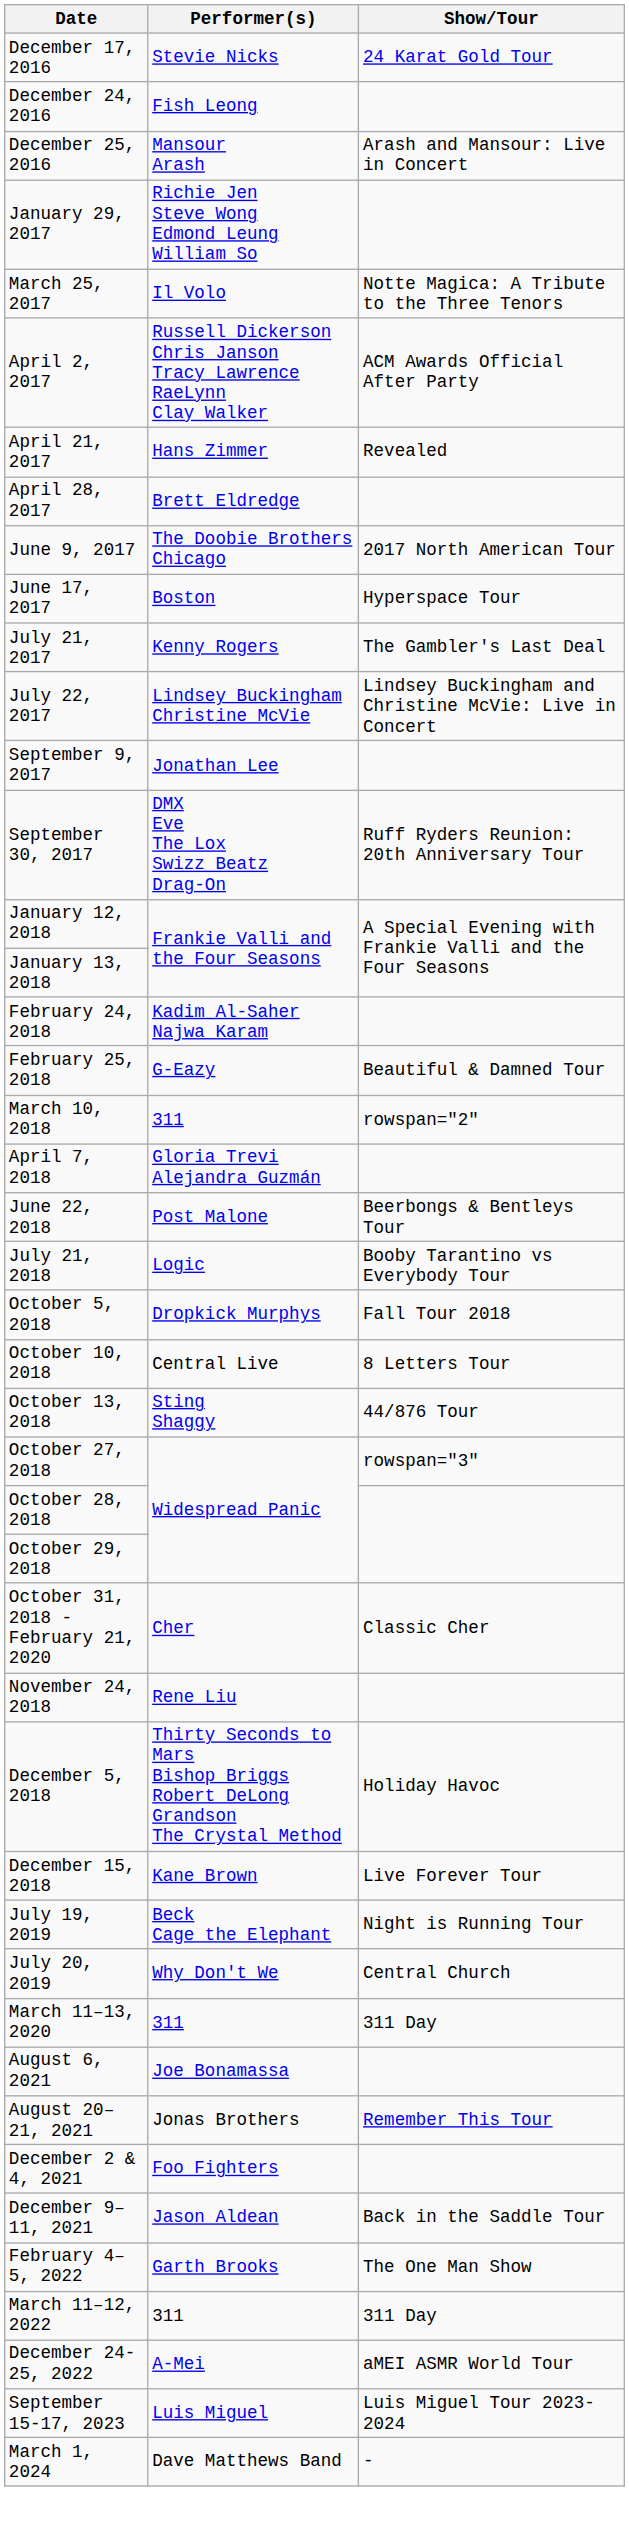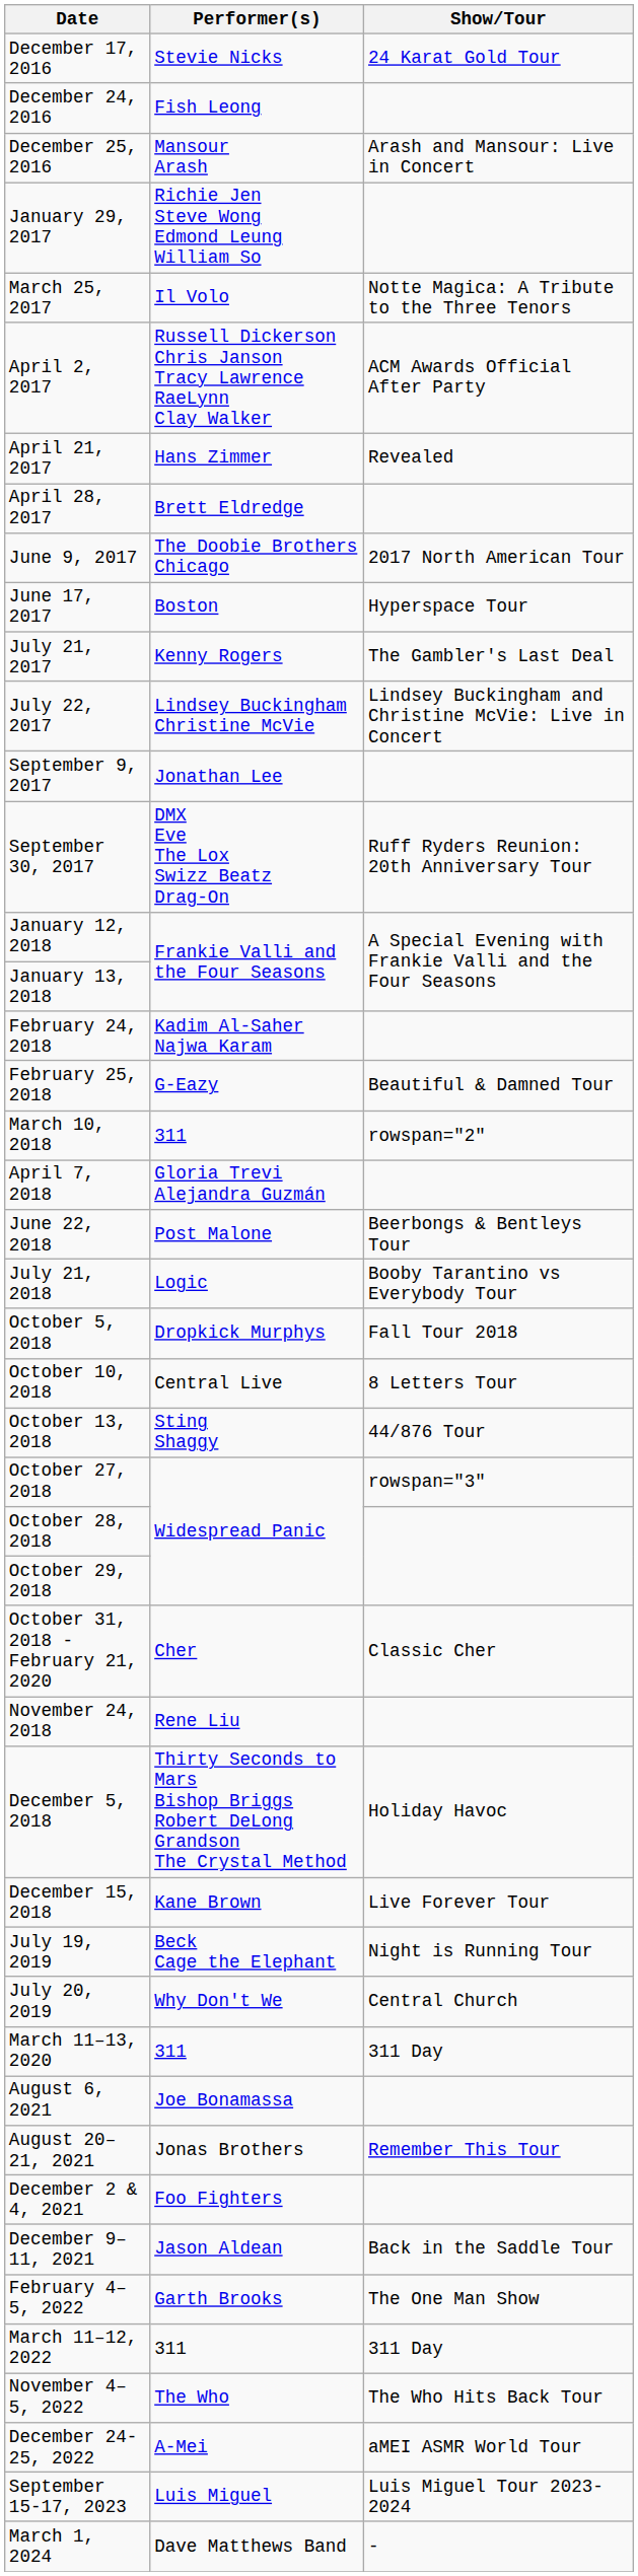 <table class="wikitable" style="text-align:left;">
 <tr>
 <th style="width:100px;">Date</th>
 <th style="width:150px;">Performer(s)</th>
 <th style="width:190px;">Show/Tour</th>
 </tr>
 <tr>
 <td>December 17, 2016</td>
 <td><a href='#'>Stevie Nicks</a></td>
 <td><a href='#'>24 Karat Gold Tour</a></td>
 </tr>
 <tr>
 <td>December 24, 2016</td>
 <td><a href='#'>Fish Leong</a></td>
 <td></td>
 </tr>
 <tr>
 <td>December 25, 2016</td>
 <td><a href='#'>Mansour</a><br><a href='#'>Arash</a></td>
 <td>Arash and Mansour: Live in Concert</td>
 </tr>
 <tr>
 <td>January 29, 2017</td>
 <td><a href='#'>Richie Jen</a><br><a href='#'>Steve Wong</a><br><a href='#'>Edmond Leung</a><br><a href='#'>William So</a></td>
 <td></td>
 </tr>
 <tr>
 <td>March 25, 2017</td>
 <td><a href='#'>Il Volo</a></td>
 <td>Notte Magica: A Tribute to the Three Tenors</td>
 </tr>
 <tr>
 <td>April 2, 2017</td>
 <td><a href='#'>Russell Dickerson</a><br><a href='#'>Chris Janson</a><br><a href='#'>Tracy Lawrence</a><br><a href='#'>RaeLynn</a><br><a href='#'>Clay Walker</a></td>
 <td>ACM Awards Official After Party</td>
 </tr>
 <tr>
 <td>April 21, 2017</td>
 <td><a href='#'>Hans Zimmer</a></td>
 <td>Revealed</td>
 </tr>
 <tr>
 <td>April 28, 2017</td>
 <td><a href='#'>Brett Eldredge</a></td>
 <td></td>
 </tr>
 <tr>
 <td>June 9, 2017</td>
 <td><a href='#'>The Doobie Brothers</a><br><a href='#'>Chicago</a></td>
 <td>2017 North American Tour</td>
 </tr>
 <tr>
 <td>June 17, 2017</td>
 <td><a href='#'>Boston</a></td>
 <td>Hyperspace Tour</td>
 </tr>
 <tr>
 <td>July 21, 2017</td>
 <td><a href='#'>Kenny Rogers</a></td>
 <td>The Gambler's Last Deal</td>
 </tr>
 <tr>
 <td>July 22, 2017</td>
 <td><a href='#'>Lindsey Buckingham</a><br><a href='#'>Christine McVie</a></td>
 <td>Lindsey Buckingham and Christine McVie: Live in Concert</td>
 </tr>
 <tr>
 <td>September 9, 2017</td>
 <td><a href='#'>Jonathan Lee</a></td>
 <td></td>
 </tr>
 <tr>
 <td>September 30, 2017</td>
 <td><a href='#'>DMX</a><br><a href='#'>Eve</a><br><a href='#'>The Lox</a><br><a href='#'>Swizz Beatz</a><br><a href='#'>Drag-On</a></td>
 <td>Ruff Ryders Reunion: 20th Anniversary Tour</td>
 </tr>
 <tr>
 <td>January 12, 2018</td>
 <td rowspan="2"><a href='#'>Frankie Valli and the Four Seasons</a></td>
 <td rowspan="2">A Special Evening with Frankie Valli and the Four Seasons</td>
 </tr>
 <tr>
 <td>January 13, 2018</td>
 </tr>
 <tr>
 <td>February 24, 2018</td>
 <td><a href='#'>Kadim Al-Saher</a><br><a href='#'>Najwa Karam</a></td>
 <td></td>
 </tr>
 <tr>
 <td>February 25, 2018</td>
 <td><a href='#'>G-Eazy</a></td>
 <td>Beautiful & Damned Tour</td>
 </tr>
 <tr>
 <td>March 10, 2018</td>
 <td><a href='#'>311</a></td>
 <td>rowspan="2" </td>
 </tr>
 <tr>
 <td>April 7, 2018</td>
 <td><a href='#'>Gloria Trevi</a><br><a href='#'>Alejandra Guzmán</a></td>
 </tr>
 <tr>
 <td>June 22, 2018</td>
 <td><a href='#'>Post Malone</a></td>
 <td>Beerbongs & Bentleys Tour</td>
 </tr>
 <tr>
 <td>July 21, 2018</td>
 <td><a href='#'>Logic</a></td>
 <td>Booby Tarantino vs Everybody Tour</td>
 </tr>
 <tr>
 <td>October 5, 2018</td>
 <td><a href='#'>Dropkick Murphys</a></td>
 <td>Fall Tour 2018</td>
 </tr>
 <tr>
 <td>October 10, 2018</td>
 <td>Central Live</td>
 <td>8 Letters Tour</td>
 </tr>
 <tr>
 <td>October 13, 2018</td>
 <td><a href='#'>Sting</a><br><a href='#'>Shaggy</a></td>
 <td>44/876 Tour</td>
 </tr>
 <tr>
 <td>October 27, 2018</td>
 <td rowspan="3"><a href='#'>Widespread Panic</a></td>
 <td>rowspan="3" </td>
 </tr>
 <tr>
 <td>October 28, 2018</td>
 </tr>
 <tr>
 <td>October 29, 2018</td>
 </tr>
 <tr>
 <td>October 31, 2018 - February 21, 2020</td>
 <td><a href='#'>Cher</a></td>
 <td>Classic Cher</td>
 </tr>
 <tr>
 <td>November 24, 2018</td>
 <td><a href='#'>Rene Liu</a></td>
 <td></td>
 </tr>
 <tr>
 <td>December 5, 2018</td>
 <td><a href='#'>Thirty Seconds to Mars</a><br><a href='#'>Bishop Briggs</a><br><a href='#'>Robert DeLong</a><br><a href='#'>Grandson</a><br><a href='#'>The Crystal Method</a></td>
 <td>Holiday Havoc</td>
 </tr>
 <tr>
 <td>December 15, 2018</td>
 <td><a href='#'>Kane Brown</a></td>
 <td>Live Forever Tour</td>
 </tr>
 <tr>
 <td>July 19, 2019</td>
 <td><a href='#'>Beck</a><br><a href='#'>Cage the Elephant</a></td>
 <td>Night is Running Tour</td>
 </tr>
 <tr>
 <td>July 20, 2019</td>
 <td><a href='#'>Why Don't We</a></td>
 <td>Central Church</td>
 </tr>
 <tr>
 <td>March 11–13, 2020</td>
 <td><a href='#'>311</a></td>
 <td>311 Day</td>
 </tr>
 <tr>
 <td>August 6, 2021</td>
 <td><a href='#'>Joe Bonamassa</a></td>
 <td></td>
 </tr>
 <tr>
 <td>August 20–21, 2021</td>
 <td>Jonas Brothers</td>
 <td><a href='#'>Remember This Tour</a></td>
 </tr>
 <tr>
 <td>December 2 & 4, 2021</td>
 <td><a href='#'>Foo Fighters</a></td>
 <td></td>
 </tr>
 <tr>
 <td>December 9–11, 2021</td>
 <td><a href='#'>Jason Aldean</a></td>
 <td>Back in the Saddle Tour</td>
 </tr>
 <tr>
 <td>February 4–5, 2022</td>
 <td><a href='#'>Garth Brooks</a></td>
 <td>The One Man Show</td>
 </tr>
 <tr>
 <td>March 11–12, 2022</td>
 <td>311</td>
 <td>311 Day</td>
 </tr>
 <tr>
+<td>November 4–5, 2022</td>
+<td><a href='#'>The Who</a></td>
+<td>The Who Hits Back Tour</td>
+</tr>
+<tr>
 <td>December 24-25, 2022</td>
 <td><a href='#'>A-Mei</a></td>
 <td>aMEI ASMR World Tour</td>
 </tr>
 <tr>
 <td>September 15-17, 2023</td>
 <td><a href='#'>Luis Miguel</a></td>
 <td>Luis Miguel Tour 2023-2024</td>
 </tr>
 <tr>
 <td>March 1, 2024</td>
 <td>Dave Matthews Band</td>
 <td>-</td>
 </tr>
 </table>
